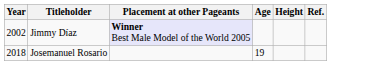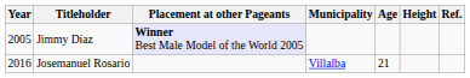 <table class="wikitable">
 <tr>
 <th>Year</th>
 <th>Titleholder</th>
 <th>Placement at other Pageants</th>
+<th>Municipality</th>
 <th>Age</th>
 <th>Height</th>
 <th>Ref.</th>
 </tr>
 <tr>
-<td>2002</td>
+<td>2005</td>
 <td>Jimmy Díaz</td>
 <td style="background: lavender;"><div><strong>Winner</strong><br>Best Male Model of the World 2005 </div></td>
 <td></td>
 <td></td>
 <td></td>
+<td></td>
 </tr>
 <tr>
-<td>2018</td>
+<td>2016</td>
 <td>Josemanuel Rosario</td>
 <td></td>
-<td>19</td>
+<td><a href='#'>Villalba</a></td>
+<td>21</td>
 <td></td>
 <td></td>
 </tr>
 </table>
